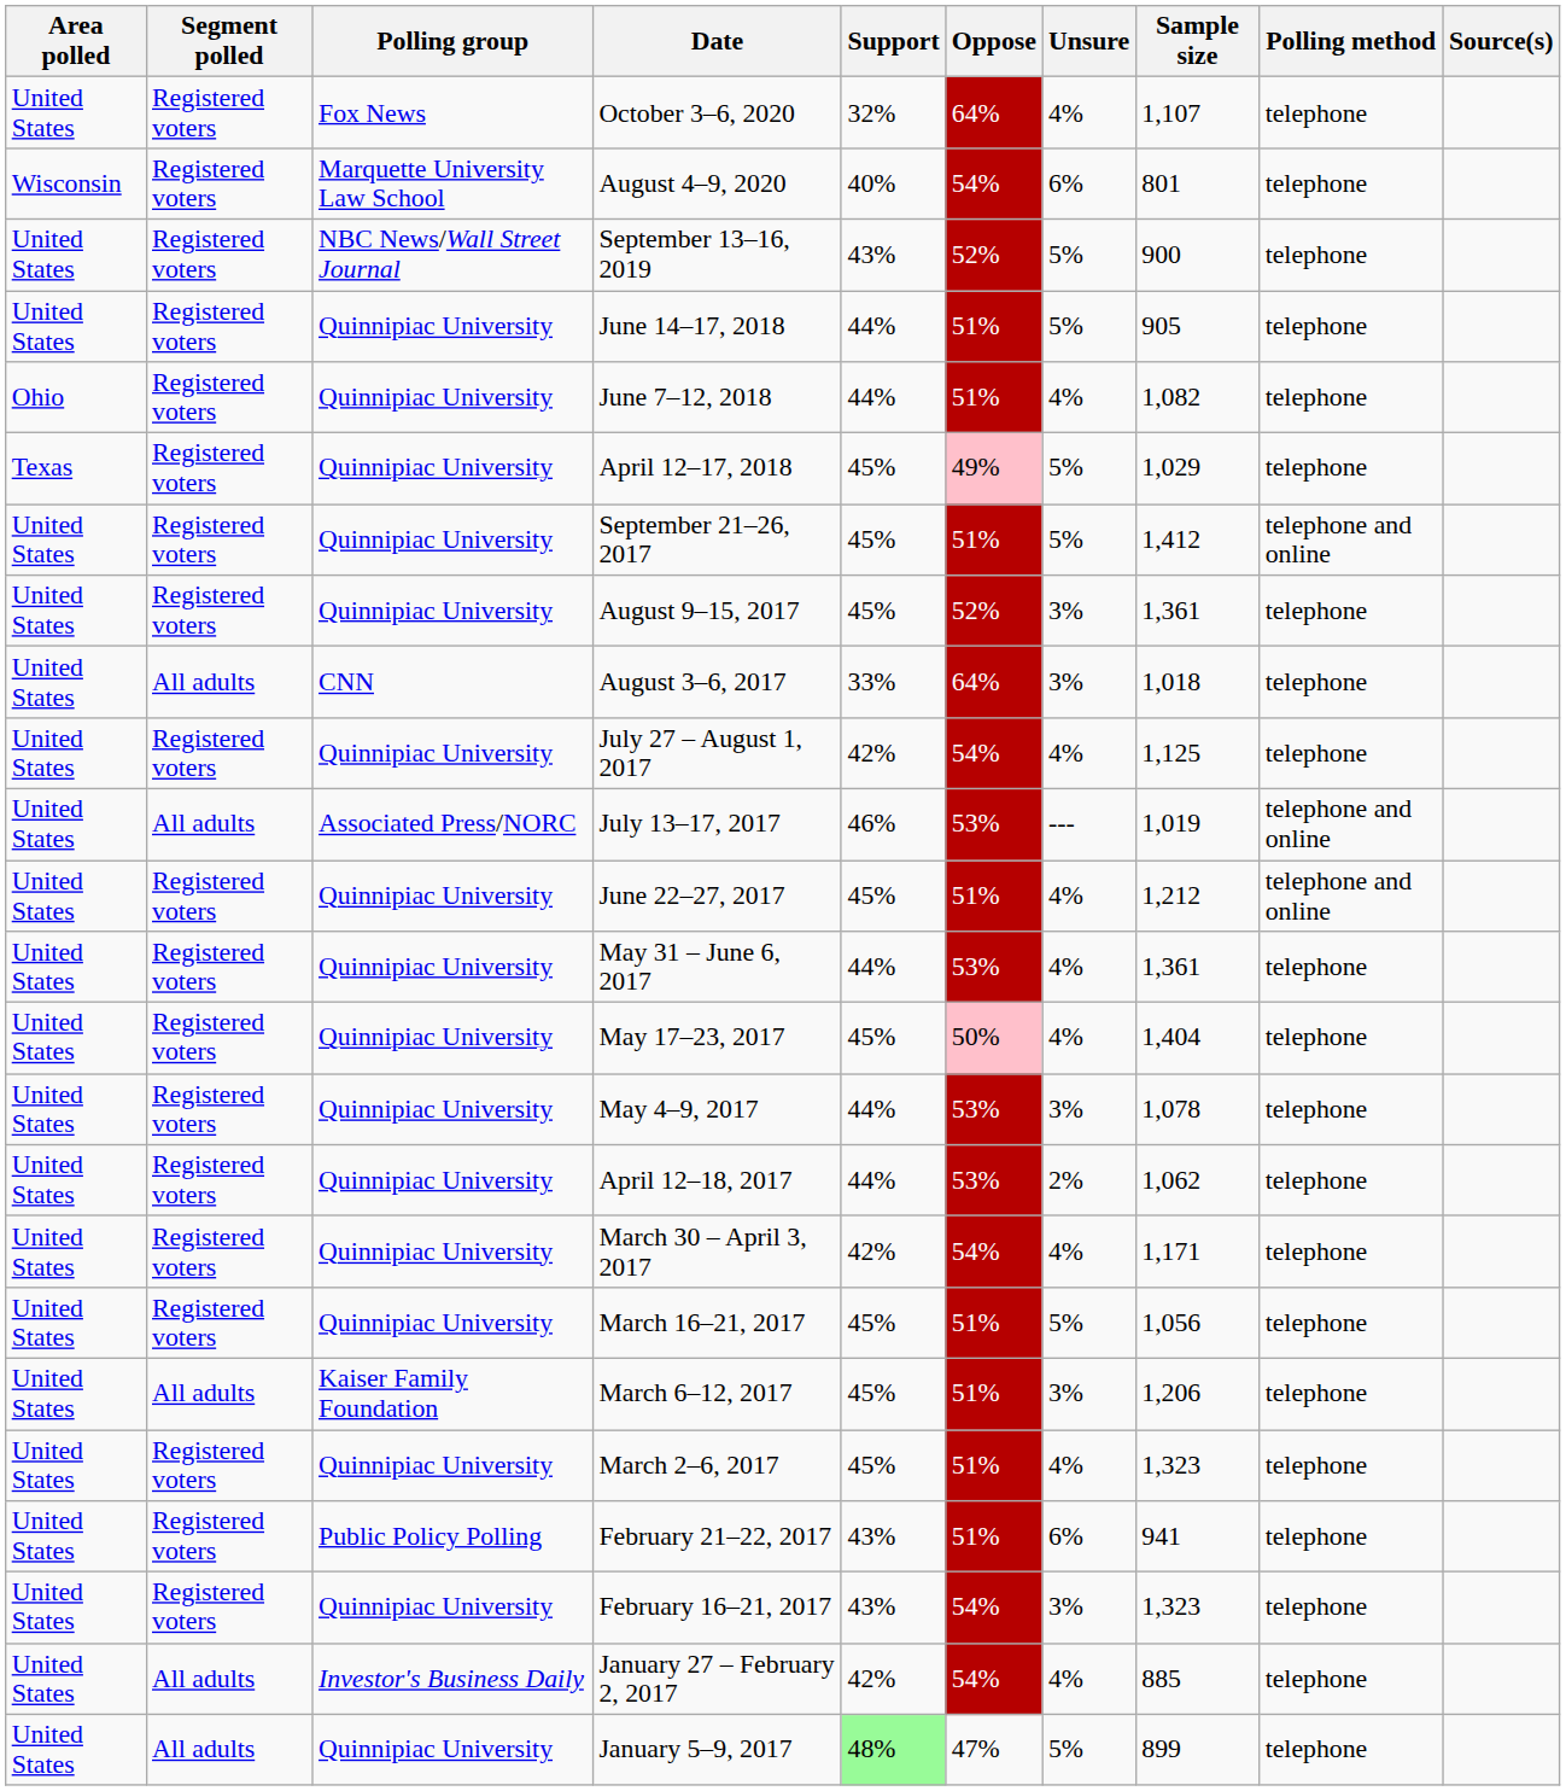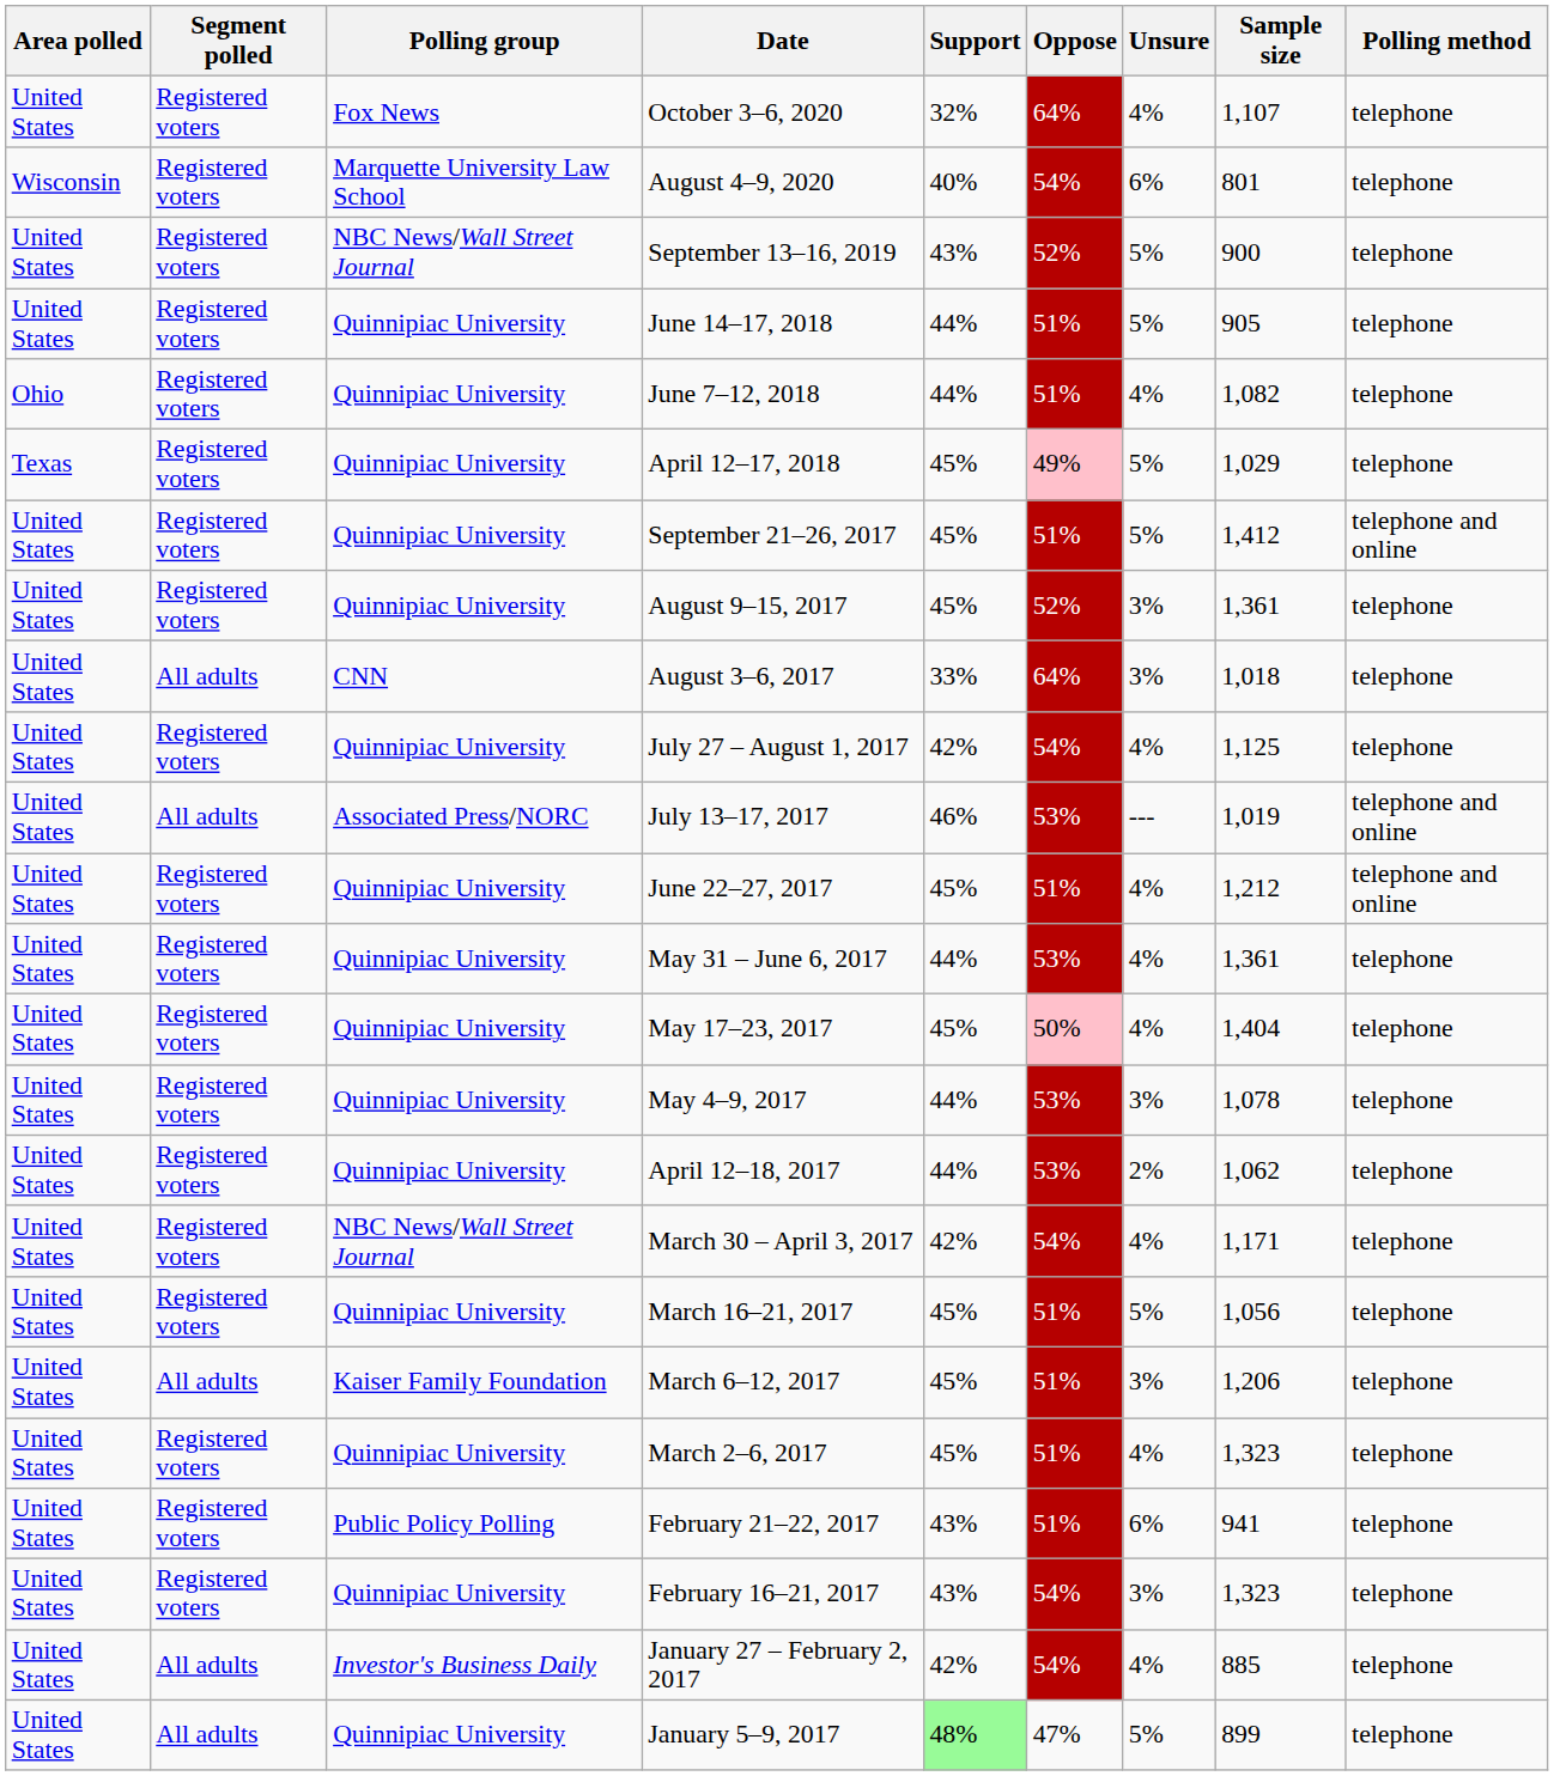 <table class="wikitable sortable" style="width: 75%;">
 <tr>
 <th>Area polled</th>
 <th>Segment polled</th>
 <th>Polling group</th>
 <th>Date</th>
 <th>Support</th>
 <th>Oppose</th>
 <th>Unsure</th>
 <th>Sample size</th>
 <th>Polling method</th>
-<th>Source(s)</th>
 </tr>
 <tr>
 <td> <a href='#'>United States</a></td>
 <td><a href='#'>Registered voters</a></td>
 <td><a href='#'>Fox News</a></td>
 <td>October 3–6, 2020</td>
 <td>32%</td>
 <td style="background:#B60000; color: white">64%</td>
 <td>4%</td>
 <td>1,107</td>
 <td>telephone</td>
-<td></td>
 </tr>
 <tr>
 <td> <a href='#'>Wisconsin</a></td>
 <td><a href='#'>Registered voters</a></td>
 <td><a href='#'>Marquette University Law School</a></td>
 <td>August 4–9, 2020</td>
 <td>40%</td>
 <td style="background:#B60000; color: white">54%</td>
 <td>6%</td>
 <td>801</td>
 <td>telephone</td>
-<td></td>
 </tr>
 <tr>
 <td> <a href='#'>United States</a></td>
 <td><a href='#'>Registered voters</a></td>
 <td><a href='#'>NBC News</a>/<em><a href='#'>Wall Street Journal</a></em></td>
 <td>September 13–16, 2019</td>
 <td>43%</td>
 <td style="background:#B60000; color: white">52%</td>
 <td>5%</td>
 <td>900</td>
 <td>telephone</td>
-<td></td>
 </tr>
 <tr>
 <td> <a href='#'>United States</a></td>
 <td><a href='#'>Registered voters</a></td>
 <td><a href='#'>Quinnipiac University</a></td>
 <td>June 14–17, 2018</td>
 <td>44%</td>
 <td style="background:#B60000; color: white">51%</td>
 <td>5%</td>
 <td>905</td>
 <td>telephone</td>
-<td></td>
 </tr>
 <tr>
 <td> <a href='#'>Ohio</a></td>
 <td><a href='#'>Registered voters</a></td>
 <td><a href='#'>Quinnipiac University</a></td>
 <td>June 7–12, 2018</td>
 <td>44%</td>
 <td style="background:#B60000; color: white">51%</td>
 <td>4%</td>
 <td>1,082</td>
 <td>telephone</td>
-<td></td>
 </tr>
 <tr>
 <td> <a href='#'>Texas</a></td>
 <td><a href='#'>Registered voters</a></td>
 <td><a href='#'>Quinnipiac University</a></td>
 <td>April 12–17, 2018</td>
 <td>45%</td>
 <td style="background: pink; color: black">49%</td>
 <td>5%</td>
 <td>1,029</td>
 <td>telephone</td>
-<td></td>
 </tr>
 <tr>
 <td> <a href='#'>United States</a></td>
 <td><a href='#'>Registered voters</a></td>
 <td><a href='#'>Quinnipiac University</a></td>
 <td>September 21–26, 2017</td>
 <td>45%</td>
 <td style="background:#B60000; color: white">51%</td>
 <td>5%</td>
 <td>1,412</td>
 <td>telephone and online</td>
-<td></td>
 </tr>
 <tr>
 <td> <a href='#'>United States</a></td>
 <td><a href='#'>Registered voters</a></td>
 <td><a href='#'>Quinnipiac University</a></td>
 <td>August 9–15, 2017</td>
 <td>45%</td>
 <td style="background:#B60000; color: white">52%</td>
 <td>3%</td>
 <td>1,361</td>
 <td>telephone</td>
-<td></td>
 </tr>
 <tr>
 <td> <a href='#'>United States</a></td>
 <td><a href='#'>All adults</a></td>
 <td><a href='#'>CNN</a></td>
 <td>August 3–6, 2017</td>
 <td>33%</td>
 <td style="background:#B60000; color: white">64%</td>
 <td>3%</td>
 <td>1,018</td>
 <td>telephone</td>
-<td></td>
 </tr>
 <tr>
 <td> <a href='#'>United States</a></td>
 <td><a href='#'>Registered voters</a></td>
 <td><a href='#'>Quinnipiac University</a></td>
 <td>July 27 – August 1, 2017</td>
 <td>42%</td>
 <td style="background:#B60000; color: white">54%</td>
 <td>4%</td>
 <td>1,125</td>
 <td>telephone</td>
-<td></td>
 </tr>
 <tr>
 <td> <a href='#'>United States</a></td>
 <td><a href='#'>All adults</a></td>
 <td><a href='#'>Associated Press</a>/<a href='#'>NORC</a></td>
 <td>July 13–17, 2017</td>
 <td>46%</td>
 <td style="background:#B60000; color: white">53%</td>
 <td>---</td>
 <td>1,019</td>
 <td>telephone and online</td>
-<td></td>
 </tr>
 <tr>
 <td> <a href='#'>United States</a></td>
 <td><a href='#'>Registered voters</a></td>
 <td><a href='#'>Quinnipiac University</a></td>
 <td>June 22–27, 2017</td>
 <td>45%</td>
 <td style="background:#B60000; color: white">51%</td>
 <td>4%</td>
 <td>1,212</td>
 <td>telephone and online</td>
-<td></td>
 </tr>
 <tr>
 <td> <a href='#'>United States</a></td>
 <td><a href='#'>Registered voters</a></td>
 <td><a href='#'>Quinnipiac University</a></td>
 <td>May 31 – June 6, 2017</td>
 <td>44%</td>
 <td style="background:#B60000; color: white">53%</td>
 <td>4%</td>
 <td>1,361</td>
 <td>telephone</td>
-<td></td>
 </tr>
 <tr>
 <td> <a href='#'>United States</a></td>
 <td><a href='#'>Registered voters</a></td>
 <td><a href='#'>Quinnipiac University</a></td>
 <td>May 17–23, 2017</td>
 <td>45%</td>
 <td style="background: pink; color: black">50%</td>
 <td>4%</td>
 <td>1,404</td>
 <td>telephone</td>
-<td></td>
 </tr>
 <tr>
 <td> <a href='#'>United States</a></td>
 <td><a href='#'>Registered voters</a></td>
 <td><a href='#'>Quinnipiac University</a></td>
 <td>May 4–9, 2017</td>
 <td>44%</td>
 <td style="background:#B60000; color: white">53%</td>
 <td>3%</td>
 <td>1,078</td>
 <td>telephone</td>
-<td></td>
 </tr>
 <tr>
 <td> <a href='#'>United States</a></td>
 <td><a href='#'>Registered voters</a></td>
 <td><a href='#'>Quinnipiac University</a></td>
 <td>April 12–18, 2017</td>
 <td>44%</td>
 <td style="background:#B60000; color: white">53%</td>
 <td>2%</td>
 <td>1,062</td>
 <td>telephone</td>
-<td></td>
 </tr>
 <tr>
 <td> <a href='#'>United States</a></td>
 <td><a href='#'>Registered voters</a></td>
-<td><a href='#'>Quinnipiac University</a></td>
+<td><a href='#'>NBC News</a>/<em><a href='#'>Wall Street Journal</a></em></td>
 <td>March 30 – April 3, 2017</td>
 <td>42%</td>
 <td style="background:#B60000; color: white">54%</td>
 <td>4%</td>
 <td>1,171</td>
 <td>telephone</td>
-<td></td>
 </tr>
 <tr>
 <td> <a href='#'>United States</a></td>
 <td><a href='#'>Registered voters</a></td>
 <td><a href='#'>Quinnipiac University</a></td>
 <td>March 16–21, 2017</td>
 <td>45%</td>
 <td style="background:#B60000; color: white">51%</td>
 <td>5%</td>
 <td>1,056</td>
 <td>telephone</td>
-<td></td>
 </tr>
 <tr>
 <td> <a href='#'>United States</a></td>
 <td><a href='#'>All adults</a></td>
 <td><a href='#'>Kaiser Family Foundation</a></td>
 <td>March 6–12, 2017</td>
 <td>45%</td>
 <td style="background:#B60000; color: white">51%</td>
 <td>3%</td>
 <td>1,206</td>
 <td>telephone</td>
-<td></td>
 </tr>
 <tr>
 <td> <a href='#'>United States</a></td>
 <td><a href='#'>Registered voters</a></td>
 <td><a href='#'>Quinnipiac University</a></td>
 <td>March 2–6, 2017</td>
 <td>45%</td>
 <td style="background:#B60000; color: white">51%</td>
 <td>4%</td>
 <td>1,323</td>
 <td>telephone</td>
-<td></td>
 </tr>
 <tr>
 <td> <a href='#'>United States</a></td>
 <td><a href='#'>Registered voters</a></td>
 <td><a href='#'>Public Policy Polling</a></td>
 <td>February 21–22, 2017</td>
 <td>43%</td>
 <td style="background:#B60000; color: white">51%</td>
 <td>6%</td>
 <td>941</td>
 <td>telephone</td>
-<td></td>
 </tr>
 <tr>
 <td> <a href='#'>United States</a></td>
 <td><a href='#'>Registered voters</a></td>
 <td><a href='#'>Quinnipiac University</a></td>
 <td>February 16–21, 2017</td>
 <td>43%</td>
 <td style="background:#B60000; color: white">54%</td>
 <td>3%</td>
 <td>1,323</td>
 <td>telephone</td>
-<td></td>
 </tr>
 <tr>
 <td> <a href='#'>United States</a></td>
 <td><a href='#'>All adults</a></td>
 <td><em><a href='#'>Investor's Business Daily</a></em></td>
 <td>January 27 – February 2, 2017</td>
 <td>42%</td>
 <td style="background:#B60000; color: white">54%</td>
 <td>4%</td>
 <td>885</td>
 <td>telephone</td>
-<td></td>
 </tr>
 <tr>
 <td> <a href='#'>United States</a></td>
 <td><a href='#'>All adults</a></td>
 <td><a href='#'>Quinnipiac University</a></td>
 <td>January 5–9, 2017</td>
 <td style="background: PaleGreen; color: black">48%</td>
 <td>47%</td>
 <td>5%</td>
 <td>899</td>
 <td>telephone</td>
-<td></td>
 </tr>
 </table>
